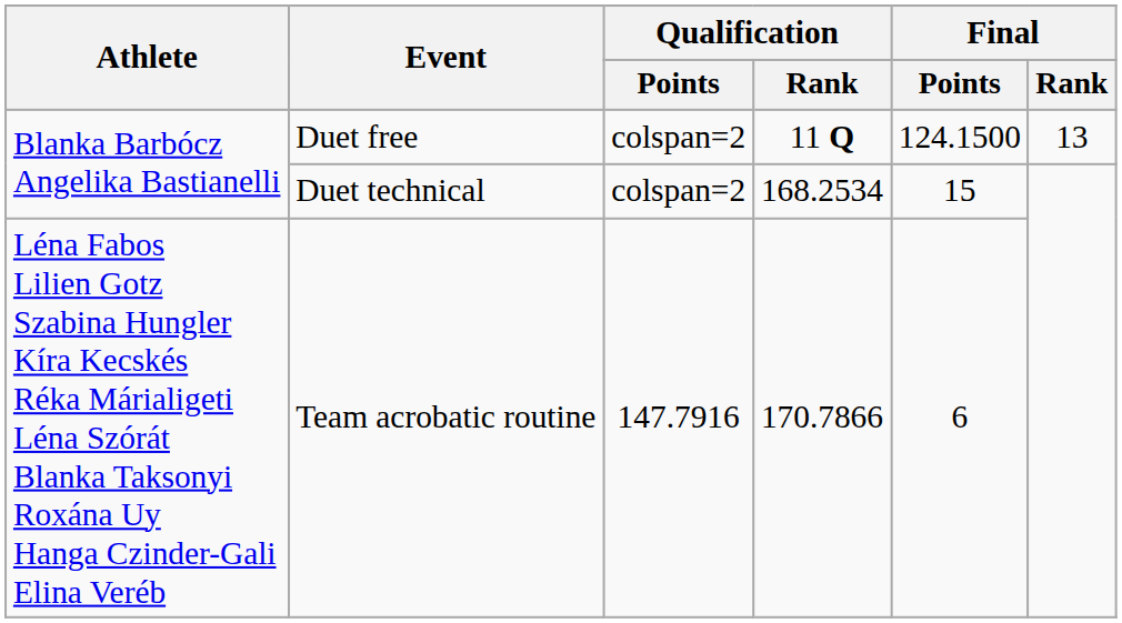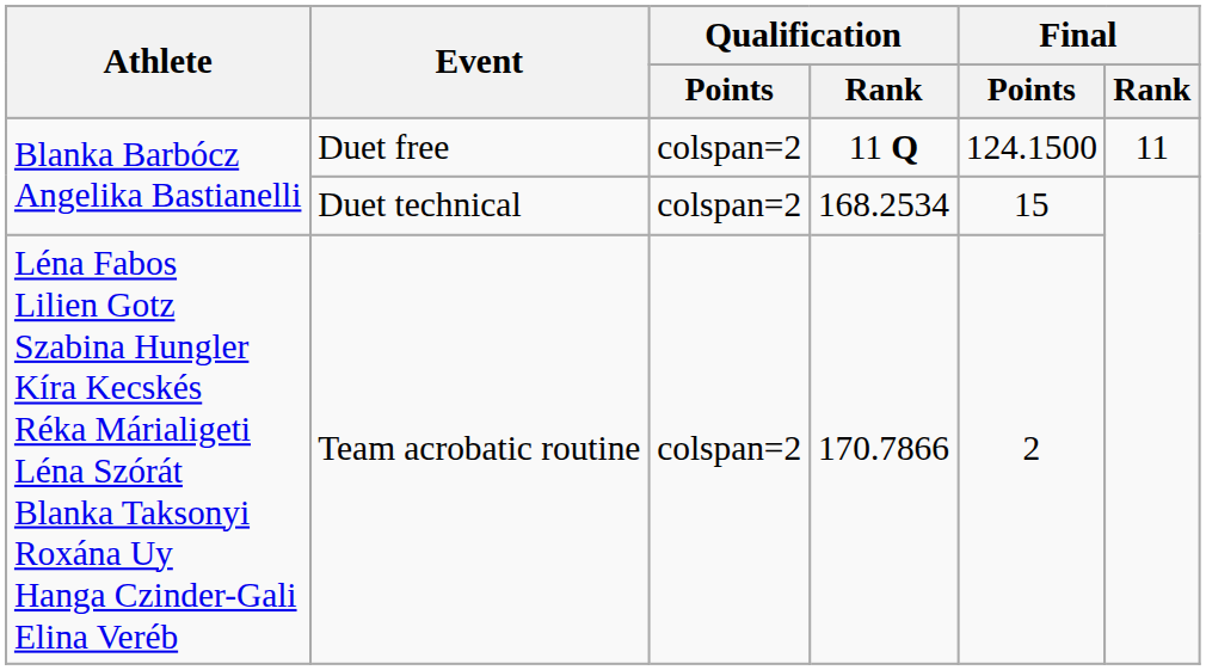 <table class=wikitable style="font-size:90%">
 <tr>
 <th rowspan="2">Athlete</th>
 <th rowspan="2">Event</th>
 <th colspan="2">Qualification</th>
 <th colspan="2">Final</th>
 </tr>
 <tr style="font-size:95%">
 <th>Points</th>
 <th>Rank</th>
 <th>Points</th>
 <th>Rank</th>
 </tr>
 <tr align=center>
 <td rowspan=2 align=left><a href='#'>Blanka Barbócz</a><br><a href='#'>Angelika Bastianelli</a></td>
 <td align=left>Duet free</td>
 <td>colspan=2 </td>
 <td>11 <strong>Q</strong></td>
 <td>124.1500</td>
-<td>13</td>
+<td>11</td>
 </tr>
 <tr align=center>
 <td align=left>Duet technical</td>
 <td>colspan=2 </td>
 <td>168.2534</td>
 <td>15</td>
 </tr>
 <tr align=center>
 <td align=left><a href='#'>Léna Fabos</a><br><a href='#'>Lilien Gotz</a><br><a href='#'>Szabina Hungler</a><br><a href='#'>Kíra Kecskés</a><br><a href='#'>Réka Márialigeti</a><br><a href='#'>Léna Szórát</a><br><a href='#'>Blanka Taksonyi</a><br><a href='#'>Roxána Uy</a><br><a href='#'>Hanga Czinder-Gali</a><br><a href='#'>Elina Veréb</a></td>
 <td align=left>Team acrobatic routine</td>
-<td>147.7916</td>
+<td>colspan=2 </td>
 <td>170.7866</td>
-<td>6</td>
+<td>2</td>
 </tr>
 </table>
